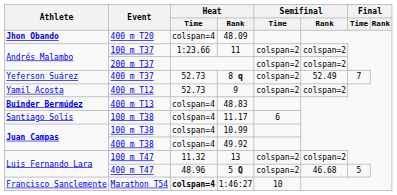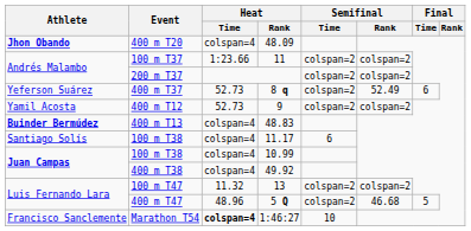 <table class=wikitable style=font-size:90%;text-align:center>
 <tr>
 <th rowspan=2>Athlete</th>
 <th rowspan=2>Event</th>
 <th colspan=2>Heat</th>
 <th colspan=2>Semifinal</th>
 <th colspan=2>Final</th>
 </tr>
 <tr style=font-size:95%>
 <th>Time</th>
 <th>Rank</th>
 <th>Time</th>
 <th>Rank</th>
 <th>Time</th>
 <th>Rank</th>
 </tr>
 <tr style="text-align:center">
 <td style="text-align:left"><strong><a href='#'>Jhon Obando</a></strong></td>
 <td style="text-align:left"><a href='#'>400 m T20</a></td>
 <td>colspan=4 </td>
 <td>48.09</td>
 <td></td>
 </tr>
 <tr style="text-align:center">
 <td style="text-align:left" rowspan=2><a href='#'>Andrés Malambo</a></td>
 <td style="text-align:left"><a href='#'>100 m T37</a></td>
 <td>1:23.66</td>
 <td>11</td>
 <td>colspan=2 </td>
 <td>colspan=2 </td>
 </tr>
 <tr style="text-align:center">
 <td style="text-align:left"><a href='#'>200 m T37</a></td>
 <td colspan=2><strong></strong></td>
 <td>colspan=2 </td>
 <td>colspan=2 </td>
 </tr>
 <tr style="text-align:center">
 <td style="text-align:left"><a href='#'>Yeferson Suárez</a></td>
 <td style="text-align:left"><a href='#'>400 m T37</a></td>
 <td>52.73</td>
 <td>8 <strong>q</strong></td>
 <td>colspan=2 </td>
 <td>52.49</td>
-<td>7</td>
+<td>6</td>
 </tr>
 <tr style="text-align:center">
 <td style="text-align:left"><a href='#'>Yamil Acosta</a></td>
 <td style="text-align:left"><a href='#'>400 m T12</a></td>
 <td>52.73</td>
 <td>9</td>
 <td>colspan=2 </td>
 <td>colspan=2 </td>
 </tr>
 <tr style="text-align:center">
 <td style="text-align:left"><strong><a href='#'>Buinder Bermúdez</a></strong></td>
 <td style="text-align:left"><a href='#'>400 m T13</a></td>
 <td>colspan=4 </td>
 <td>48.83 <strong></strong></td>
 <td></td>
 </tr>
 <tr style="text-align:center">
 <td style="text-align:left"><a href='#'>Santiago Solís</a></td>
 <td style="text-align:left"><a href='#'>100 m T38</a></td>
 <td>colspan=4 </td>
 <td>11.17 <strong></strong></td>
 <td>6</td>
 </tr>
 <tr style="text-align:center">
 <td style="text-align:left" rowspan=2><strong><a href='#'>Juan Campas</a></strong></td>
 <td style="text-align:left"><a href='#'>100 m T38</a></td>
 <td>colspan=4 </td>
 <td>10.99 <strong></strong></td>
 <td></td>
 </tr>
 <tr style="text-align:center">
 <td style="text-align:left"><a href='#'>400 m T38</a></td>
 <td>colspan=4 </td>
 <td>49.92 <strong></strong></td>
 <td></td>
 </tr>
 <tr style="text-align:center">
 <td style="text-align:left" rowspan=2><a href='#'>Luis Fernando Lara</a></td>
 <td style="text-align:left"><a href='#'>100 m T47</a></td>
 <td>11.32 <strong></strong></td>
 <td>13</td>
 <td>colspan=2 </td>
 <td>colspan=2 </td>
 </tr>
 <tr style="text-align:center">
 <td style="text-align:left"><a href='#'>400 m T47</a></td>
 <td>48.96 <strong></strong></td>
 <td>5 <strong>Q</strong></td>
 <td>colspan=2 </td>
 <td>46.68 <strong></strong></td>
 <td>5</td>
 </tr>
 <tr style="text-align:center">
 <td style="text-align:left"><a href='#'>Francisco Sanclemente</a></td>
 <td style="text-align:left"><a href='#'>Marathon T54</a></td>
 <td><strong>colspan=4 </strong></td>
 <td>1:46:27</td>
 <td>10</td>
 </tr>
 </table>
